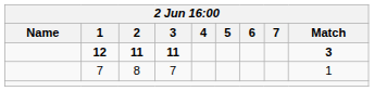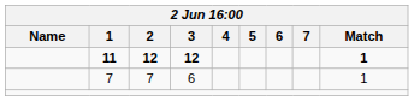 <table class=wikitable style="text-align:center; width: 55%">
 <tr>
 <th colspan=17><em> 2 Jun 16:00</em></th>
 </tr>
 <tr>
 <th>Name</th>
 <th>1</th>
 <th>2</th>
 <th>3</th>
 <th>4</th>
 <th>5</th>
 <th>6</th>
 <th>7</th>
 <th>Match</th>
 </tr>
 <tr>
 <td style="text-align:left;"><strong></strong></td>
+<td><strong>11</strong></td>
 <td><strong>12</strong></td>
-<td><strong>11</strong></td>
-<td><strong>11</strong></td>
+<td><strong>12</strong></td>
 <td></td>
 <td></td>
 <td></td>
 <td></td>
-<td><strong>3</strong></td>
+<td><strong>1</strong></td>
 </tr>
 <tr>
 <td style="text-align:left;"></td>
 <td>7</td>
-<td>8</td>
 <td>7</td>
+<td>6</td>
 <td></td>
 <td></td>
 <td></td>
 <td></td>
 <td>1</td>
 </tr>
 <tr>
 <td colspan=17></td>
 </tr>
 </table>
